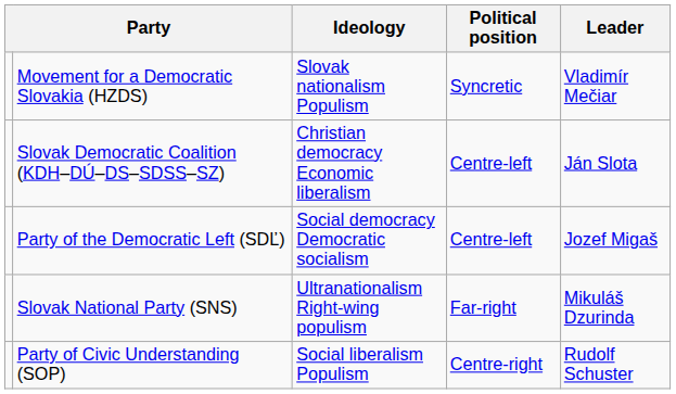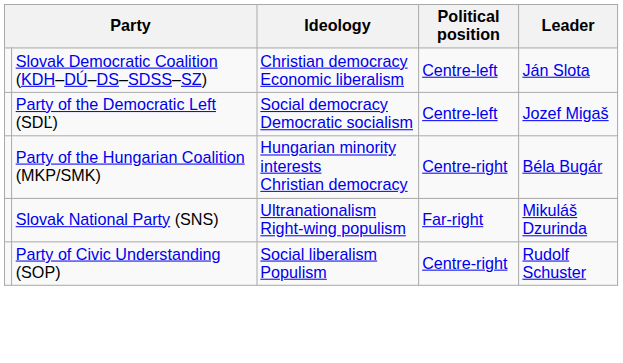 <table class="wikitable">
 <tr>
 <th colspan="2">Party</th>
 <th>Ideology</th>
 <th>Political position</th>
 <th>Leader</th>
-</tr>
-<tr>
-<td style="background:"></td>
-<td><a href='#'>Movement for a Democratic Slovakia</a> (HZDS)</td>
-<td><a href='#'>Slovak nationalism</a><br><a href='#'>Populism</a></td>
-<td><a href='#'>Syncretic</a></td>
-<td><a href='#'>Vladimír Mečiar</a></td>
 </tr>
 <tr>
 <td style="background:"></td>
 <td><a href='#'>Slovak Democratic Coalition</a> (<a href='#'>KDH</a>–<a href='#'>DÚ</a>–<a href='#'>DS</a>–<a href='#'>SDSS</a>–<a href='#'>SZ</a>)</td>
 <td><a href='#'>Christian democracy</a><br><a href='#'>Economic liberalism</a></td>
 <td><a href='#'>Centre-left</a></td>
 <td><a href='#'>Ján Slota</a></td>
 </tr>
 <tr>
 <td style="background:"></td>
 <td><a href='#'>Party of the Democratic Left</a> (SDĽ)</td>
 <td><a href='#'>Social democracy</a><br><a href='#'>Democratic socialism</a></td>
 <td><a href='#'>Centre-left</a></td>
 <td><a href='#'>Jozef Migaš</a></td>
 </tr>
 <tr>
 <td style="background:"></td>
+<td><a href='#'>Party of the Hungarian Coalition</a> (MKP/SMK)</td>
+<td><a href='#'>Hungarian minority interests</a><br><a href='#'>Christian democracy</a></td>
+<td><a href='#'>Centre-right</a></td>
+<td><a href='#'>Béla Bugár</a></td>
+</tr>
+<tr>
+<td style="background:"></td>
 <td><a href='#'>Slovak National Party</a> (SNS)</td>
 <td><a href='#'>Ultranationalism</a><br><a href='#'>Right-wing populism</a></td>
 <td><a href='#'>Far-right</a></td>
 <td><a href='#'>Mikuláš Dzurinda</a></td>
 </tr>
 <tr>
 <td style="background:"></td>
 <td><a href='#'>Party of Civic Understanding</a> (SOP)</td>
 <td><a href='#'>Social liberalism</a><br><a href='#'>Populism</a></td>
 <td><a href='#'>Centre-right</a></td>
 <td><a href='#'>Rudolf Schuster</a></td>
 </tr>
 </table>
